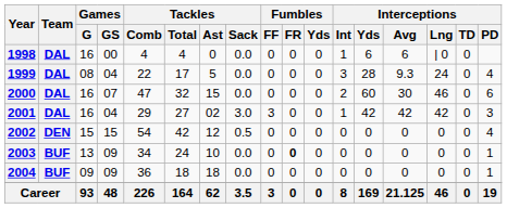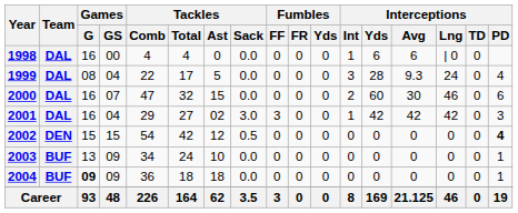 <table class=wikitable style="text-align:center;">
 <tr>
 <th rowspan="2">Year</th>
 <th rowspan="2">Team</th>
 <th colspan="2">Games</th>
 <th colspan="4">Tackles</th>
 <th colspan="3">Fumbles</th>
 <th colspan="6">Interceptions</th>
 </tr>
 <tr>
 <th>G</th>
 <th>GS</th>
 <th>Comb</th>
 <th>Total</th>
 <th>Ast</th>
 <th>Sack</th>
 <th>FF</th>
 <th>FR</th>
 <th>Yds</th>
 <th>Int</th>
 <th>Yds</th>
 <th>Avg</th>
 <th>Lng</th>
 <th>TD</th>
 <th>PD</th>
 </tr>
 <tr>
 <th><a href='#'>1998</a></th>
 <th><a href='#'>DAL</a></th>
 <td>16</td>
 <td>00</td>
 <td>4</td>
 <td>4</td>
 <td>0</td>
 <td>0.0</td>
 <td>0</td>
 <td>0</td>
 <td>0</td>
 <td>1</td>
 <td>6</td>
 <td>6</td>
 <td 6>| 0</td>
 <td>0</td>
 </tr>
 <tr>
 <th><a href='#'>1999</a></th>
 <th><a href='#'>DAL</a></th>
 <td>08</td>
 <td>04</td>
 <td>22</td>
 <td>17</td>
 <td>5</td>
 <td>0.0</td>
 <td>0</td>
 <td>0</td>
 <td>0</td>
 <td>3</td>
 <td>28</td>
 <td>9.3</td>
 <td>24</td>
 <td>0</td>
 <td>4</td>
 </tr>
 <tr>
 <th><a href='#'>2000</a></th>
 <th><a href='#'>DAL</a></th>
 <td>16</td>
 <td>07</td>
 <td>47</td>
 <td>32</td>
 <td>15</td>
 <td>0.0</td>
 <td>0</td>
 <td>0</td>
 <td>0</td>
 <td>2</td>
 <td>60</td>
 <td>30</td>
 <td>46</td>
 <td>0</td>
 <td>6</td>
 </tr>
 <tr>
 <th><a href='#'>2001</a></th>
 <th><a href='#'>DAL</a></th>
 <td>16</td>
 <td>04</td>
 <td>29</td>
 <td>27</td>
 <td>02</td>
 <td>3.0</td>
 <td>3</td>
 <td>0</td>
 <td>0</td>
 <td>1</td>
 <td>42</td>
 <td>42</td>
 <td>42</td>
 <td>0</td>
 <td>3</td>
 </tr>
 <tr>
 <th><a href='#'>2002</a></th>
 <th><a href='#'>DEN</a></th>
 <td>15</td>
 <td>15</td>
 <td>54</td>
 <td>42</td>
 <td>12</td>
 <td>0.5</td>
 <td>0</td>
 <td>0</td>
 <td>0</td>
 <td>0</td>
 <td>0</td>
 <td>0</td>
 <td>0</td>
 <td>0</td>
-<td>4</td>
+<td><strong>4</strong></td>
 </tr>
 <tr>
 <th><a href='#'>2003</a></th>
 <th><a href='#'>BUF</a></th>
 <td>13</td>
 <td>09</td>
 <td>34</td>
 <td>24</td>
 <td>10</td>
 <td>0.0</td>
 <td>0</td>
-<td><strong>0</strong></td>
+<td>0</td>
 <td>0</td>
 <td>0</td>
 <td>0</td>
 <td>0</td>
 <td>0</td>
 <td>0</td>
 <td>1</td>
 </tr>
 <tr>
 <th><a href='#'>2004</a></th>
 <th><a href='#'>BUF</a></th>
-<td>09</td>
+<td><strong>09</strong></td>
 <td>09</td>
 <td>36</td>
 <td>18</td>
 <td>18</td>
 <td>0.0</td>
 <td>0</td>
 <td>0</td>
 <td>0</td>
 <td>0</td>
 <td>0</td>
 <td>0</td>
 <td>0</td>
 <td>0</td>
 <td>1</td>
 </tr>
 <tr>
 </tr>
 <tr class="sortbottom">
 <th colspan=2>Career</th>
 <th>93</th>
 <th>48</th>
 <th>226</th>
 <th>164</th>
 <th>62</th>
 <th>3.5</th>
 <th>3</th>
 <th>0</th>
 <th>0</th>
 <th>8</th>
 <th>169</th>
 <th>21.125</th>
 <th>46</th>
 <th>0</th>
 <th>19</th>
 </tr>
 </table>
